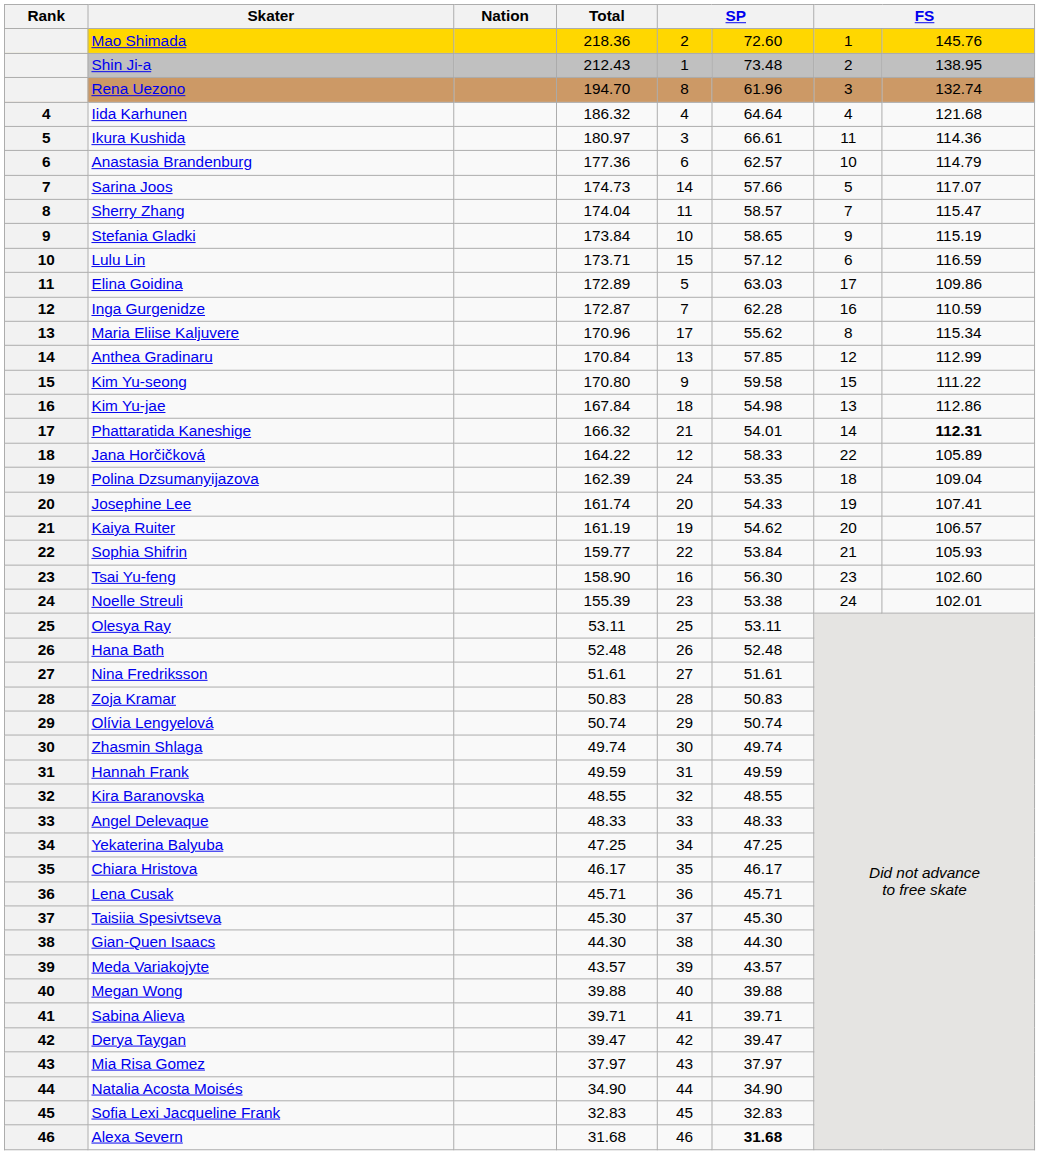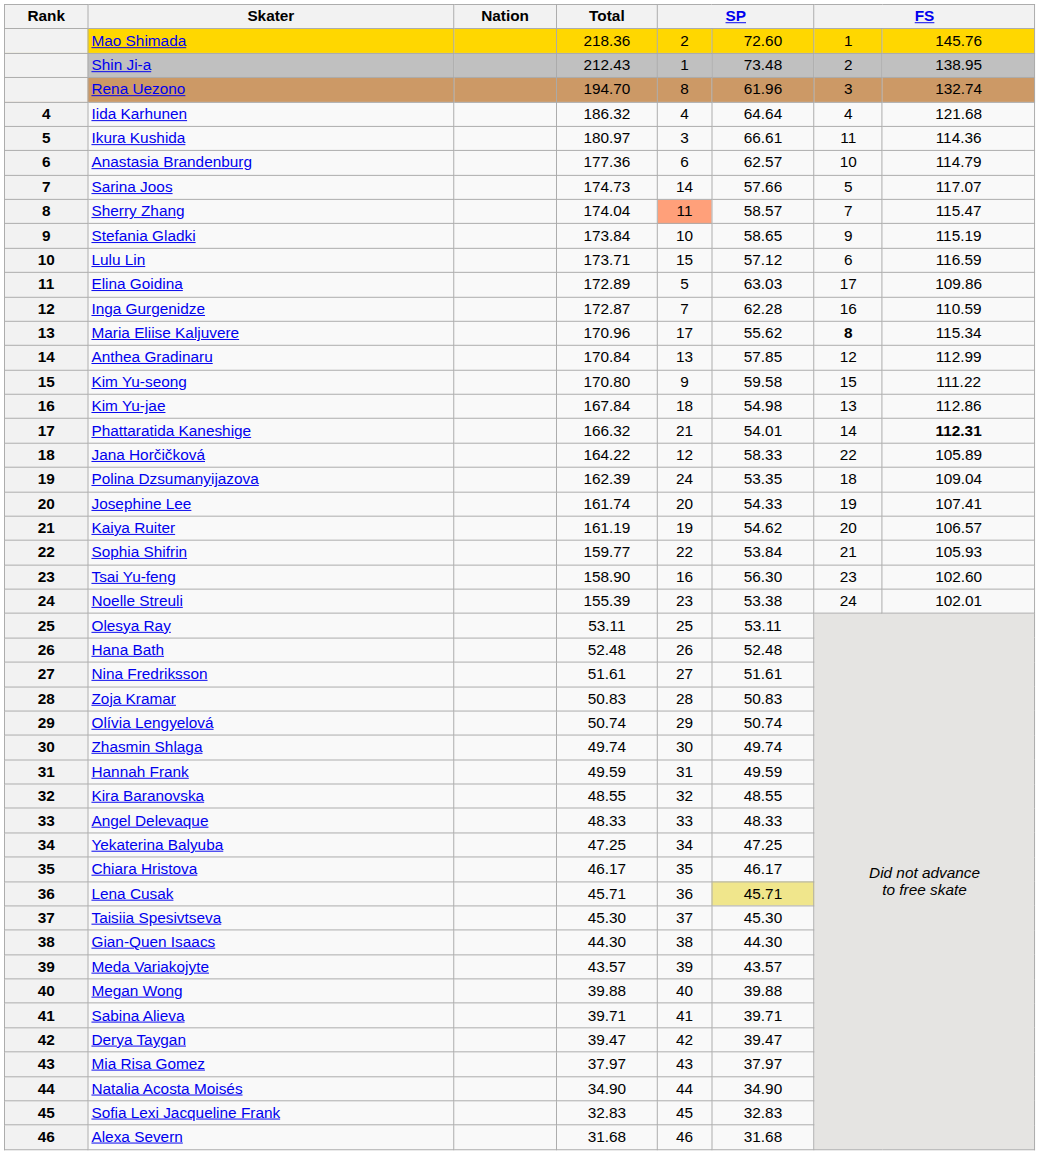 <table class="wikitable sortable" style="text-align:center; width:85%">
 <tr>
 <th scope="col">Rank</th>
 <th scope="col">Skater</th>
 <th scope="col">Nation</th>
 <th scope="col">Total</th>
 <th colspan="2" width="80px"><a href='#'>SP</a></th>
 <th colspan="2" width="80px"><a href='#'>FS</a></th>
 </tr>
 <tr bgcolor="gold">
 <th scope="row"></th>
 <td align="left"><a href='#'>Mao Shimada</a></td>
 <td align="left"></td>
 <td>218.36</td>
 <td>2</td>
 <td>72.60</td>
 <td>1</td>
 <td>145.76</td>
 </tr>
 <tr bgcolor="silver">
 <th scope="row"></th>
 <td align="left"><a href='#'>Shin Ji-a</a></td>
 <td align="left"></td>
 <td>212.43</td>
 <td>1</td>
 <td>73.48</td>
 <td>2</td>
 <td>138.95</td>
 </tr>
 <tr bgcolor="#cc9966">
 <th scope="row"></th>
 <td align="left"><a href='#'>Rena Uezono</a></td>
 <td align="left"></td>
 <td>194.70</td>
 <td>8</td>
 <td>61.96</td>
 <td>3</td>
 <td>132.74</td>
 </tr>
 <tr>
 <th scope="row">4</th>
 <td align="left"><a href='#'>Iida Karhunen</a></td>
 <td align="left"></td>
 <td>186.32</td>
 <td>4</td>
 <td>64.64</td>
 <td>4</td>
 <td>121.68</td>
 </tr>
 <tr>
 <th scope="row">5</th>
 <td align="left"><a href='#'>Ikura Kushida</a></td>
 <td align="left"></td>
 <td>180.97</td>
 <td>3</td>
 <td>66.61</td>
 <td>11</td>
 <td>114.36</td>
 </tr>
 <tr>
 <th scope="row">6</th>
 <td align="left"><a href='#'>Anastasia Brandenburg</a></td>
 <td align="left"></td>
 <td>177.36</td>
 <td>6</td>
 <td>62.57</td>
 <td>10</td>
 <td>114.79</td>
 </tr>
 <tr>
 <th scope="row">7</th>
 <td align="left"><a href='#'>Sarina Joos</a></td>
 <td align="left"></td>
 <td>174.73</td>
 <td>14</td>
 <td>57.66</td>
 <td>5</td>
 <td>117.07</td>
 </tr>
 <tr>
 <th scope="row">8</th>
 <td align="left"><a href='#'>Sherry Zhang</a></td>
 <td align="left"></td>
 <td>174.04</td>
-<td>11</td>
+<td style="background: lightsalmon;">11</td>
 <td>58.57</td>
 <td>7</td>
 <td>115.47</td>
 </tr>
 <tr>
 <th scope="row">9</th>
 <td align="left"><a href='#'>Stefania Gladki</a></td>
 <td align="left"></td>
 <td>173.84</td>
 <td>10</td>
 <td>58.65</td>
 <td>9</td>
 <td>115.19</td>
 </tr>
 <tr>
 <th scope="row">10</th>
 <td align="left"><a href='#'>Lulu Lin</a></td>
 <td align="left"></td>
 <td>173.71</td>
 <td>15</td>
 <td>57.12</td>
 <td>6</td>
 <td>116.59</td>
 </tr>
 <tr>
 <th scope="row">11</th>
 <td align="left"><a href='#'>Elina Goidina</a></td>
 <td align="left"></td>
 <td>172.89</td>
 <td>5</td>
 <td>63.03</td>
 <td>17</td>
 <td>109.86</td>
 </tr>
 <tr>
 <th scope="row">12</th>
 <td align="left"><a href='#'>Inga Gurgenidze</a></td>
 <td align="left"></td>
 <td>172.87</td>
 <td>7</td>
 <td>62.28</td>
 <td>16</td>
 <td>110.59</td>
 </tr>
 <tr>
 <th scope="row">13</th>
 <td align="left"><a href='#'>Maria Eliise Kaljuvere</a></td>
 <td align="left"></td>
 <td>170.96</td>
 <td>17</td>
 <td>55.62</td>
-<td>8</td>
+<td><strong>8</strong></td>
 <td>115.34</td>
 </tr>
 <tr>
 <th scope="row">14</th>
 <td align="left"><a href='#'>Anthea Gradinaru</a></td>
 <td align="left"></td>
 <td>170.84</td>
 <td>13</td>
 <td>57.85</td>
 <td>12</td>
 <td>112.99</td>
 </tr>
 <tr>
 <th scope="row">15</th>
 <td align="left"><a href='#'>Kim Yu-seong</a></td>
 <td align="left"></td>
 <td>170.80</td>
 <td>9</td>
 <td>59.58</td>
 <td>15</td>
 <td>111.22</td>
 </tr>
 <tr>
 <th scope="row">16</th>
 <td align="left"><a href='#'>Kim Yu-jae</a></td>
 <td align="left"></td>
 <td>167.84</td>
 <td>18</td>
 <td>54.98</td>
 <td>13</td>
 <td>112.86</td>
 </tr>
 <tr>
 <th scope="row">17</th>
 <td align="left"><a href='#'>Phattaratida Kaneshige</a></td>
 <td align="left"></td>
 <td>166.32</td>
 <td>21</td>
 <td>54.01</td>
 <td>14</td>
 <td><strong>112.31</strong></td>
 </tr>
 <tr>
 <th scope="row">18</th>
 <td align="left"><a href='#'>Jana Horčičková</a></td>
 <td align="left"></td>
 <td>164.22</td>
 <td>12</td>
 <td>58.33</td>
 <td>22</td>
 <td>105.89</td>
 </tr>
 <tr>
 <th scope="row">19</th>
 <td align="left"><a href='#'>Polina Dzsumanyijazova</a></td>
 <td align="left"></td>
 <td>162.39</td>
 <td>24</td>
 <td>53.35</td>
 <td>18</td>
 <td>109.04</td>
 </tr>
 <tr>
 <th scope="row">20</th>
 <td align="left"><a href='#'>Josephine Lee</a></td>
 <td align="left"></td>
 <td>161.74</td>
 <td>20</td>
 <td>54.33</td>
 <td>19</td>
 <td>107.41</td>
 </tr>
 <tr>
 <th scope="row">21</th>
 <td align="left"><a href='#'>Kaiya Ruiter</a></td>
 <td align="left"></td>
 <td>161.19</td>
 <td>19</td>
 <td>54.62</td>
 <td>20</td>
 <td>106.57</td>
 </tr>
 <tr>
 <th scope="row">22</th>
 <td align="left"><a href='#'>Sophia Shifrin</a></td>
 <td align="left"></td>
 <td>159.77</td>
 <td>22</td>
 <td>53.84</td>
 <td>21</td>
 <td>105.93</td>
 </tr>
 <tr>
 <th scope="row">23</th>
 <td align="left"><a href='#'>Tsai Yu-feng</a></td>
 <td align="left"></td>
 <td>158.90</td>
 <td>16</td>
 <td>56.30</td>
 <td>23</td>
 <td>102.60</td>
 </tr>
 <tr>
 <th scope="row">24</th>
 <td align="left"><a href='#'>Noelle Streuli</a></td>
 <td align="left"></td>
 <td>155.39</td>
 <td>23</td>
 <td>53.38</td>
 <td>24</td>
 <td>102.01</td>
 </tr>
 <tr>
 <th scope="row">25</th>
 <td align="left"><a href='#'>Olesya Ray</a></td>
 <td align="left"></td>
 <td>53.11</td>
 <td>25</td>
 <td>53.11</td>
 <td colspan="2" rowspan="22" bgcolor="e5e4e2"><em>Did not advance<br>to free skate</em></td>
 </tr>
 <tr>
 <th scope="row">26</th>
 <td align="left"><a href='#'>Hana Bath</a></td>
 <td align="left"></td>
 <td>52.48</td>
 <td>26</td>
 <td>52.48</td>
 </tr>
 <tr>
 <th scope="row">27</th>
 <td align="left"><a href='#'>Nina Fredriksson</a></td>
 <td align="left"></td>
 <td>51.61</td>
 <td>27</td>
 <td>51.61</td>
 </tr>
 <tr>
 <th scope="row">28</th>
 <td align="left"><a href='#'>Zoja Kramar</a></td>
 <td align="left"></td>
 <td>50.83</td>
 <td>28</td>
 <td>50.83</td>
 </tr>
 <tr>
 <th scope="row">29</th>
 <td align="left"><a href='#'>Olívia Lengyelová</a></td>
 <td align="left"></td>
 <td>50.74</td>
 <td>29</td>
 <td>50.74</td>
 </tr>
 <tr>
 <th scope="row">30</th>
 <td align="left"><a href='#'>Zhasmin Shlaga</a></td>
 <td align="left"></td>
 <td>49.74</td>
 <td>30</td>
 <td>49.74</td>
 </tr>
 <tr>
 <th scope="row">31</th>
 <td align="left"><a href='#'>Hannah Frank</a></td>
 <td align="left"></td>
 <td>49.59</td>
 <td>31</td>
 <td>49.59</td>
 </tr>
 <tr>
 <th scope="row">32</th>
 <td align="left"><a href='#'>Kira Baranovska</a></td>
 <td align="left"></td>
 <td>48.55</td>
 <td>32</td>
 <td>48.55</td>
 </tr>
 <tr>
 <th scope="row">33</th>
 <td align="left"><a href='#'>Angel Delevaque</a></td>
 <td align="left"></td>
 <td>48.33</td>
 <td>33</td>
 <td>48.33</td>
 </tr>
 <tr>
 <th scope="row">34</th>
 <td align="left"><a href='#'>Yekaterina Balyuba</a></td>
 <td align="left"></td>
 <td>47.25</td>
 <td>34</td>
 <td>47.25</td>
 </tr>
 <tr>
 <th scope="row">35</th>
 <td align="left"><a href='#'>Chiara Hristova</a></td>
 <td align="left"></td>
 <td>46.17</td>
 <td>35</td>
 <td>46.17</td>
 </tr>
 <tr>
 <th scope="row">36</th>
 <td align="left"><a href='#'>Lena Cusak</a></td>
 <td align="left"></td>
 <td>45.71</td>
 <td>36</td>
-<td>45.71</td>
+<td style="background: khaki;">45.71</td>
 </tr>
 <tr>
 <th scope="row">37</th>
 <td align="left"><a href='#'>Taisiia Spesivtseva</a></td>
 <td align="left"></td>
 <td>45.30</td>
 <td>37</td>
 <td>45.30</td>
 </tr>
 <tr>
 <th scope="row">38</th>
 <td align="left"><a href='#'>Gian-Quen Isaacs</a></td>
 <td align="left"></td>
 <td>44.30</td>
 <td>38</td>
 <td>44.30</td>
 </tr>
 <tr>
 <th scope="row">39</th>
 <td align="left"><a href='#'>Meda Variakojyte</a></td>
 <td align="left"></td>
 <td>43.57</td>
 <td>39</td>
 <td>43.57</td>
 </tr>
 <tr>
 <th scope="row">40</th>
 <td align="left"><a href='#'>Megan Wong</a></td>
 <td align="left"></td>
 <td>39.88</td>
 <td>40</td>
 <td>39.88</td>
 </tr>
 <tr>
 <th scope="row">41</th>
 <td align="left"><a href='#'>Sabina Alieva</a></td>
 <td align="left"></td>
 <td>39.71</td>
 <td>41</td>
 <td>39.71</td>
 </tr>
 <tr>
 <th scope="row">42</th>
 <td align="left"><a href='#'>Derya Taygan</a></td>
 <td align="left"></td>
 <td>39.47</td>
 <td>42</td>
 <td>39.47</td>
 </tr>
 <tr>
 <th scope="row">43</th>
 <td align="left"><a href='#'>Mia Risa Gomez</a></td>
 <td align="left"></td>
 <td>37.97</td>
 <td>43</td>
 <td>37.97</td>
 </tr>
 <tr>
 <th scope="row">44</th>
 <td align="left"><a href='#'>Natalia Acosta Moisés</a></td>
 <td align="left"></td>
 <td>34.90</td>
 <td>44</td>
 <td>34.90</td>
 </tr>
 <tr>
 <th scope="row">45</th>
 <td align="left"><a href='#'>Sofia Lexi Jacqueline Frank</a></td>
 <td align="left"></td>
 <td>32.83</td>
 <td>45</td>
 <td>32.83</td>
 </tr>
 <tr>
 <th scope="row">46</th>
 <td align="left"><a href='#'>Alexa Severn</a></td>
 <td align="left"></td>
 <td>31.68</td>
 <td>46</td>
-<td><strong>31.68</strong></td>
+<td>31.68</td>
 </tr>
 </table>
